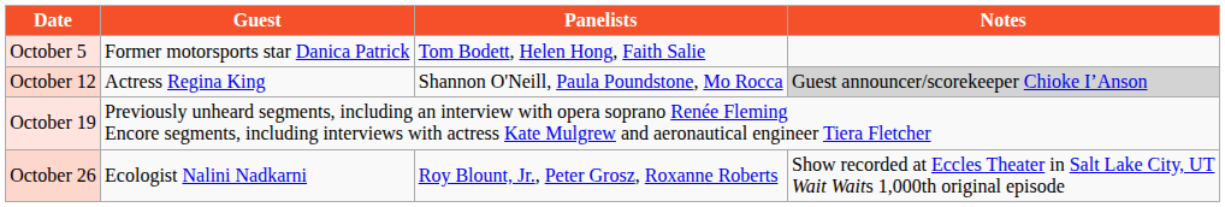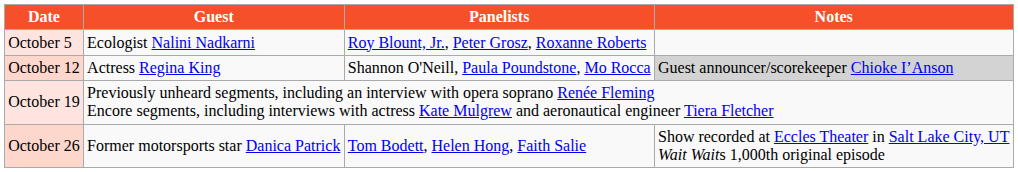 <table class="wikitable">
 <tr>
 <th style="background:#F55029;color:#FFFFFF;">Date</th>
 <th style="background:#F55029;color:#FFFFFF;">Guest</th>
 <th style="background:#F55029;color:#FFFFFF;">Panelists</th>
 <th style="background:#F55029;color:#FFFFFF;">Notes</th>
 </tr>
 <tr>
 <td style="background:#FFE3DF;color:#000000;">October 5</td>
-<td>Former motorsports star <a href='#'>Danica Patrick</a></td>
-<td><a href='#'>Tom Bodett</a>, <a href='#'>Helen Hong</a>, <a href='#'>Faith Salie</a></td>
+<td>Ecologist <a href='#'>Nalini Nadkarni</a></td>
+<td><a href='#'>Roy Blount, Jr.</a>, <a href='#'>Peter Grosz</a>, <a href='#'>Roxanne Roberts</a></td>
 <td></td>
 </tr>
 <tr>
 <td style="background:#FDD6CC;color:#000000;">October 12</td>
 <td>Actress <a href='#'>Regina King</a></td>
 <td>Shannon O'Neill, <a href='#'>Paula Poundstone</a>, <a href='#'>Mo Rocca</a></td>
 <td style="background: lightgrey;">Guest announcer/scorekeeper <a href='#'>Chioke I’Anson</a></td>
 </tr>
 <tr>
 <td style="background:#FFE3DF;color:#000000;">October 19</td>
 <td colspan=3>Previously unheard segments, including an interview with opera soprano <a href='#'>Renée Fleming</a><br>Encore segments, including interviews with actress <a href='#'>Kate Mulgrew</a> and aeronautical engineer <a href='#'>Tiera Fletcher</a></td>
 </tr>
 <tr>
 <td style="background:#FDD6CC;color:#000000;">October 26</td>
-<td>Ecologist <a href='#'>Nalini Nadkarni</a></td>
-<td><a href='#'>Roy Blount, Jr.</a>, <a href='#'>Peter Grosz</a>, <a href='#'>Roxanne Roberts</a></td>
+<td>Former motorsports star <a href='#'>Danica Patrick</a></td>
+<td><a href='#'>Tom Bodett</a>, <a href='#'>Helen Hong</a>, <a href='#'>Faith Salie</a></td>
 <td>Show recorded at <a href='#'>Eccles Theater</a> in <a href='#'>Salt Lake City, UT</a><br><em>Wait Wait</em>s 1,000th original episode</td>
 </tr>
 </table>
